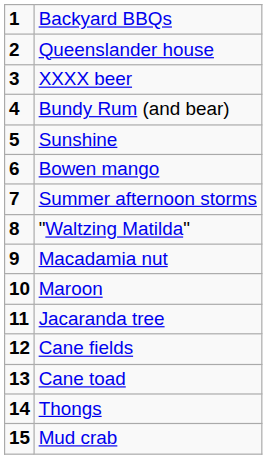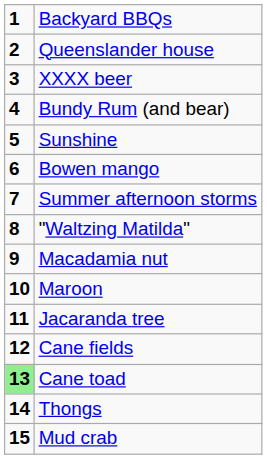 <table class="wikitable">
 <tr>
 <td><strong>1</strong></td>
 <td><a href='#'>Backyard BBQs</a></td>
 </tr>
 <tr>
 <td><strong>2</strong></td>
 <td><a href='#'>Queenslander house</a></td>
 </tr>
 <tr>
 <td><strong>3</strong></td>
 <td><a href='#'>XXXX beer</a></td>
 </tr>
 <tr>
 <td><strong>4</strong></td>
 <td><a href='#'>Bundy Rum</a> (and bear)</td>
 </tr>
 <tr>
 <td><strong>5</strong></td>
 <td><a href='#'>Sunshine</a></td>
 </tr>
 <tr>
 <td><strong>6</strong></td>
 <td><a href='#'>Bowen mango</a></td>
 </tr>
 <tr>
 <td><strong>7</strong></td>
 <td><a href='#'>Summer afternoon storms</a></td>
 </tr>
 <tr>
 <td><strong>8</strong></td>
 <td>"<a href='#'>Waltzing Matilda</a>"</td>
 </tr>
 <tr>
 <td><strong>9</strong></td>
 <td><a href='#'>Macadamia nut</a></td>
 </tr>
 <tr>
 <td><strong>10</strong></td>
 <td><a href='#'>Maroon</a></td>
 </tr>
 <tr>
 <td><strong>11</strong></td>
 <td><a href='#'>Jacaranda tree</a></td>
 </tr>
 <tr>
 <td><strong>12</strong></td>
 <td><a href='#'>Cane fields</a></td>
 </tr>
 <tr>
-<td><strong>13</strong></td>
+<td style="background: lightgreen;"><strong>13</strong></td>
 <td><a href='#'>Cane toad</a></td>
 </tr>
 <tr>
 <td><strong>14</strong></td>
 <td><a href='#'>Thongs</a></td>
 </tr>
 <tr>
 <td><strong>15</strong></td>
 <td><a href='#'>Mud crab</a></td>
 </tr>
 </table>
